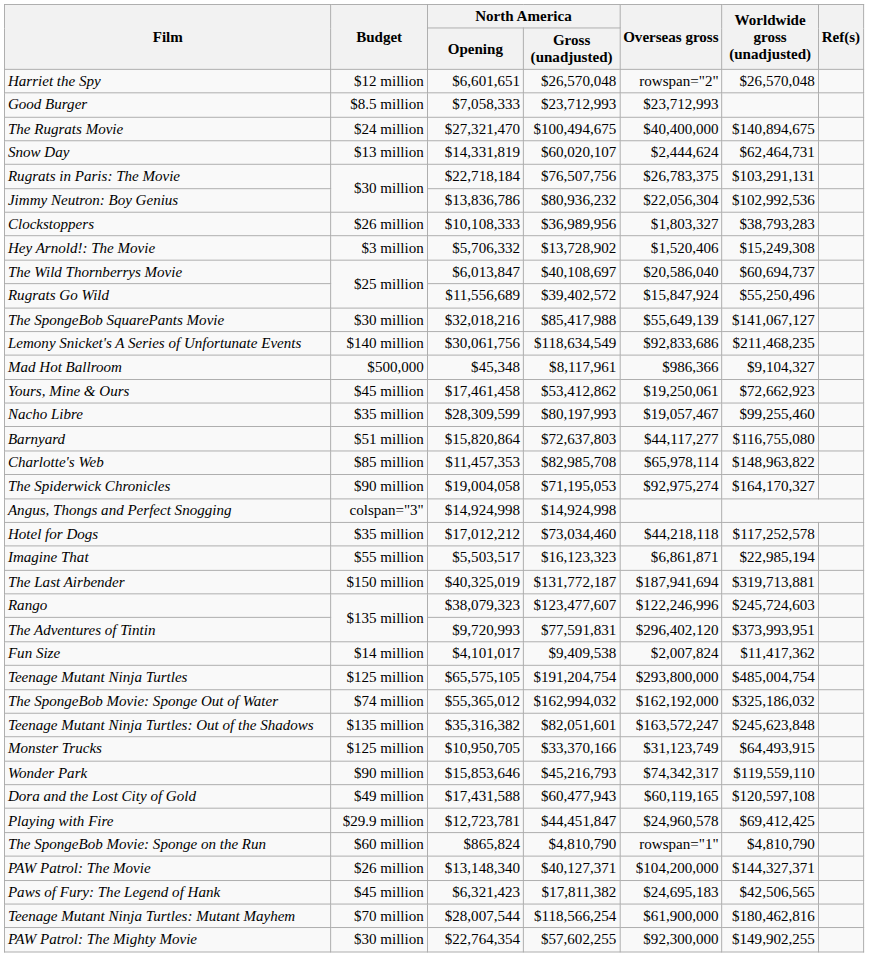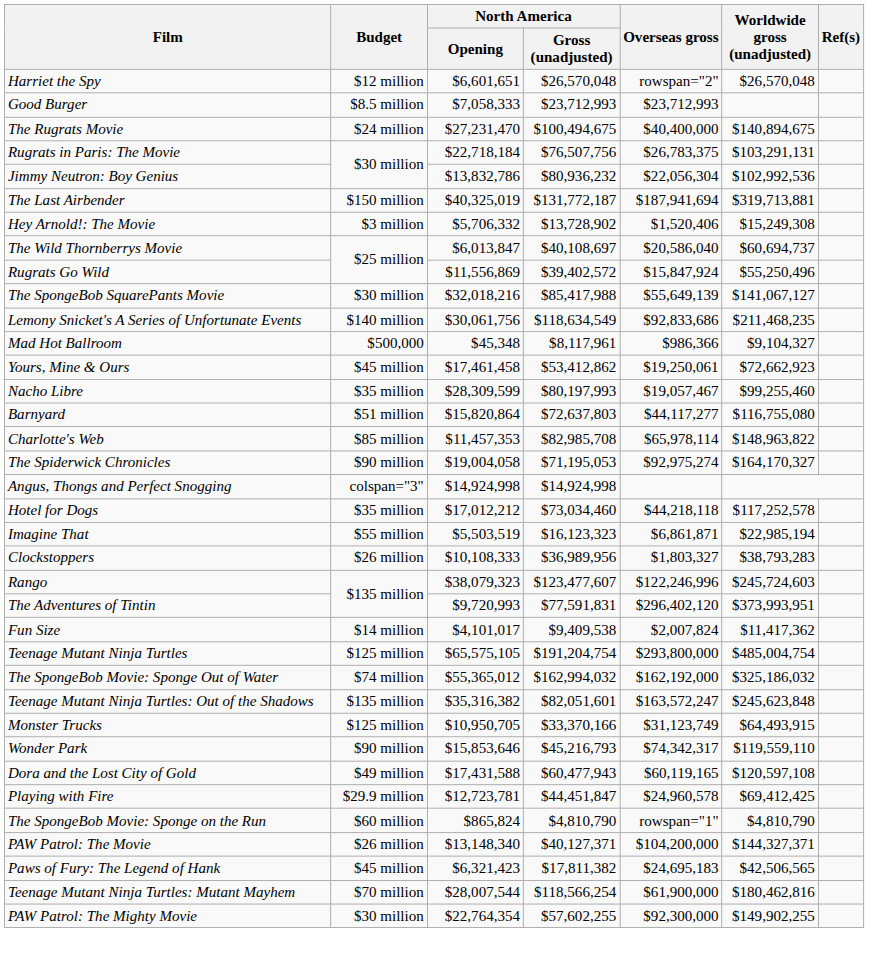 <table class="sortable wikitable" style="text-align: right;">
 <tr>
 <th rowspan="2" width="340">Film</th>
 <th rowspan="2" width="95">Budget</th>
 <th colspan="2">North America</th>
 <th rowspan="2">Overseas gross</th>
 <th rowspan="2" width="95">Worldwide gross<br>(unadjusted)</th>
 <th rowspan="2">Ref(s)</th>
 </tr>
 <tr>
 <th width="95">Opening</th>
 <th width="95">Gross<br>(unadjusted)</th>
 </tr>
 <tr>
 <td style="text-align:left;"><em>Harriet the Spy</em></td>
 <td>$12 million</td>
 <td>$6,601,651</td>
 <td>$26,570,048</td>
 <td>rowspan="2" </td>
 <td>$26,570,048</td>
 <td></td>
 </tr>
 <tr>
 <td style="text-align:left;"><em>Good Burger</em></td>
 <td>$8.5 million</td>
 <td>$7,058,333</td>
 <td>$23,712,993</td>
 <td>$23,712,993</td>
 <td></td>
 </tr>
 <tr>
 <td style="text-align:left;"><em>The Rugrats Movie</em></td>
 <td>$24 million</td>
-<td>$27,321,470</td>
+<td>$27,231,470</td>
 <td>$100,494,675</td>
 <td>$40,400,000</td>
 <td>$140,894,675</td>
-<td></td>
-</tr>
-<tr>
-<td style="text-align:left;"><em>Snow Day</em></td>
-<td>$13 million</td>
-<td>$14,331,819</td>
-<td>$60,020,107</td>
-<td>$2,444,624</td>
-<td>$62,464,731</td>
 <td></td>
 </tr>
 <tr>
 <td style="text-align:left;"><em>Rugrats in Paris: The Movie</em></td>
 <td rowspan="2">$30 million</td>
 <td>$22,718,184</td>
 <td>$76,507,756</td>
 <td>$26,783,375</td>
 <td>$103,291,131</td>
 <td></td>
 </tr>
 <tr>
 <td style="text-align:left;"><em>Jimmy Neutron: Boy Genius</em></td>
-<td>$13,836,786</td>
+<td>$13,832,786</td>
 <td>$80,936,232</td>
 <td>$22,056,304</td>
 <td>$102,992,536</td>
 <td></td>
 </tr>
 <tr>
-<td style="text-align:left;"><em>Clockstoppers</em></td>
-<td>$26 million</td>
-<td>$10,108,333</td>
-<td>$36,989,956</td>
-<td>$1,803,327</td>
-<td>$38,793,283</td>
+<td style="text-align:left;"><em>The Last Airbender</em></td>
+<td>$150 million</td>
+<td>$40,325,019</td>
+<td>$131,772,187</td>
+<td>$187,941,694</td>
+<td>$319,713,881</td>
 <td></td>
 </tr>
 <tr>
 <td style="text-align:left;"><em>Hey Arnold!: The Movie</em></td>
 <td>$3 million</td>
 <td>$5,706,332</td>
 <td>$13,728,902</td>
 <td>$1,520,406</td>
 <td>$15,249,308</td>
 <td></td>
 </tr>
 <tr>
 <td style="text-align:left;"><em>The Wild Thornberrys Movie</em></td>
 <td rowspan="2">$25 million</td>
 <td>$6,013,847</td>
 <td>$40,108,697</td>
 <td>$20,586,040</td>
 <td>$60,694,737</td>
 <td></td>
 </tr>
 <tr>
 <td style="text-align:left;"><em>Rugrats Go Wild</em></td>
-<td>$11,556,689</td>
+<td>$11,556,869</td>
 <td>$39,402,572</td>
 <td>$15,847,924</td>
 <td>$55,250,496</td>
 <td></td>
 </tr>
 <tr>
 <td style="text-align:left;"><em>The SpongeBob SquarePants Movie</em></td>
 <td>$30 million</td>
 <td>$32,018,216</td>
 <td>$85,417,988</td>
 <td>$55,649,139</td>
 <td>$141,067,127</td>
 <td></td>
 </tr>
 <tr>
 <td style="text-align:left;"><em>Lemony Snicket's A Series of Unfortunate Events</em></td>
 <td>$140 million</td>
 <td>$30,061,756</td>
 <td>$118,634,549</td>
 <td>$92,833,686</td>
 <td>$211,468,235</td>
 <td></td>
 </tr>
 <tr>
 <td style="text-align:left;"><em>Mad Hot Ballroom</em></td>
 <td>$500,000</td>
 <td>$45,348</td>
 <td>$8,117,961</td>
 <td>$986,366</td>
 <td>$9,104,327</td>
 <td></td>
 </tr>
 <tr>
 <td style="text-align:left;"><em>Yours, Mine & Ours</em></td>
 <td>$45 million</td>
 <td>$17,461,458</td>
 <td>$53,412,862</td>
 <td>$19,250,061</td>
 <td>$72,662,923</td>
 <td></td>
 </tr>
 <tr>
 <td style="text-align:left;"><em>Nacho Libre</em></td>
 <td>$35 million</td>
 <td>$28,309,599</td>
 <td>$80,197,993</td>
 <td>$19,057,467</td>
 <td>$99,255,460</td>
 <td></td>
 </tr>
 <tr>
 <td style="text-align:left;"><em>Barnyard</em></td>
 <td>$51 million</td>
 <td>$15,820,864</td>
 <td>$72,637,803</td>
 <td>$44,117,277</td>
 <td>$116,755,080</td>
 <td></td>
 </tr>
 <tr>
 <td style="text-align:left;"><em>Charlotte's Web</em></td>
 <td>$85 million</td>
 <td>$11,457,353</td>
 <td>$82,985,708</td>
 <td>$65,978,114</td>
 <td>$148,963,822</td>
 <td></td>
 </tr>
 <tr>
 <td style="text-align:left;"><em>The Spiderwick Chronicles</em></td>
 <td>$90 million</td>
 <td>$19,004,058</td>
 <td>$71,195,053</td>
 <td>$92,975,274</td>
 <td>$164,170,327</td>
 <td></td>
 </tr>
 <tr>
 <td style="text-align:left;"><em>Angus, Thongs and Perfect Snogging</em></td>
 <td>colspan="3" </td>
 <td>$14,924,998</td>
 <td>$14,924,998</td>
 <td></td>
 </tr>
 <tr>
 <td style="text-align:left;"><em>Hotel for Dogs</em></td>
 <td>$35 million</td>
 <td>$17,012,212</td>
 <td>$73,034,460</td>
 <td>$44,218,118</td>
 <td>$117,252,578</td>
 <td></td>
 </tr>
 <tr>
 <td style="text-align:left;"><em>Imagine That</em></td>
 <td>$55 million</td>
-<td>$5,503,517</td>
+<td>$5,503,519</td>
 <td>$16,123,323</td>
 <td>$6,861,871</td>
 <td>$22,985,194</td>
 <td></td>
 </tr>
 <tr>
-<td style="text-align:left;"><em>The Last Airbender</em></td>
-<td>$150 million</td>
-<td>$40,325,019</td>
-<td>$131,772,187</td>
-<td>$187,941,694</td>
-<td>$319,713,881</td>
+<td style="text-align:left;"><em>Clockstoppers</em></td>
+<td>$26 million</td>
+<td>$10,108,333</td>
+<td>$36,989,956</td>
+<td>$1,803,327</td>
+<td>$38,793,283</td>
 <td></td>
 </tr>
 <tr>
 <td style="text-align:left;"><em>Rango</em></td>
 <td rowspan="2">$135 million</td>
 <td>$38,079,323</td>
 <td>$123,477,607</td>
 <td>$122,246,996</td>
 <td>$245,724,603</td>
 <td></td>
 </tr>
 <tr>
 <td style="text-align:left;"><em>The Adventures of Tintin</em></td>
 <td>$9,720,993</td>
 <td>$77,591,831</td>
 <td>$296,402,120</td>
 <td>$373,993,951</td>
 <td></td>
 </tr>
 <tr>
 <td style="text-align:left;"><em>Fun Size</em></td>
 <td>$14 million</td>
 <td>$4,101,017</td>
 <td>$9,409,538</td>
 <td>$2,007,824</td>
 <td>$11,417,362</td>
 <td></td>
 </tr>
 <tr>
 <td style="text-align:left;"><em>Teenage Mutant Ninja Turtles</em></td>
 <td>$125 million</td>
 <td>$65,575,105</td>
 <td>$191,204,754</td>
 <td>$293,800,000</td>
 <td>$485,004,754</td>
 <td></td>
 </tr>
 <tr>
 <td style="text-align:left;"><em>The SpongeBob Movie: Sponge Out of Water</em></td>
 <td>$74 million</td>
 <td>$55,365,012</td>
 <td>$162,994,032</td>
 <td>$162,192,000</td>
 <td>$325,186,032</td>
 <td></td>
 </tr>
 <tr>
 <td style="text-align:left;"><em>Teenage Mutant Ninja Turtles: Out of the Shadows</em></td>
 <td>$135 million</td>
 <td>$35,316,382</td>
 <td>$82,051,601</td>
 <td>$163,572,247</td>
 <td>$245,623,848</td>
 <td></td>
 </tr>
 <tr>
 <td style="text-align:left;"><em>Monster Trucks</em></td>
 <td>$125 million</td>
 <td>$10,950,705</td>
 <td>$33,370,166</td>
 <td>$31,123,749</td>
 <td>$64,493,915</td>
 <td></td>
 </tr>
 <tr>
 <td style="text-align:left;"><em>Wonder Park</em></td>
 <td>$90 million</td>
 <td>$15,853,646</td>
 <td>$45,216,793</td>
 <td>$74,342,317</td>
 <td>$119,559,110</td>
 <td></td>
 </tr>
 <tr>
 <td style="text-align:left;"><em>Dora and the Lost City of Gold</em></td>
 <td>$49 million</td>
 <td>$17,431,588</td>
 <td>$60,477,943</td>
 <td>$60,119,165</td>
 <td>$120,597,108</td>
 <td></td>
 </tr>
 <tr>
 <td style="text-align:left;"><em>Playing with Fire</em></td>
 <td>$29.9 million</td>
 <td>$12,723,781</td>
 <td>$44,451,847</td>
 <td>$24,960,578</td>
 <td>$69,412,425</td>
 <td></td>
 </tr>
 <tr>
 <td style="text-align:left;"><em>The SpongeBob Movie: Sponge on the Run</em></td>
 <td>$60 million</td>
 <td>$865,824</td>
 <td>$4,810,790</td>
 <td>rowspan="1" </td>
 <td>$4,810,790</td>
 <td></td>
 </tr>
 <tr>
 <td style="text-align:left;"><em>PAW Patrol: The Movie</em></td>
 <td>$26 million</td>
 <td>$13,148,340</td>
 <td>$40,127,371</td>
 <td>$104,200,000</td>
 <td>$144,327,371</td>
 <td></td>
 </tr>
 <tr>
 <td style="text-align:left;"><em>Paws of Fury: The Legend of Hank</em></td>
 <td>$45 million</td>
 <td>$6,321,423</td>
 <td>$17,811,382</td>
 <td>$24,695,183</td>
 <td>$42,506,565</td>
 <td></td>
 </tr>
 <tr>
 <td style="text-align:left;"><em>Teenage Mutant Ninja Turtles: Mutant Mayhem</em></td>
 <td>$70 million</td>
 <td>$28,007,544</td>
 <td>$118,566,254</td>
 <td>$61,900,000</td>
 <td>$180,462,816</td>
 <td></td>
 </tr>
 <tr>
 <td style="text-align:left;"><em>PAW Patrol: The Mighty Movie</em></td>
 <td>$30 million</td>
 <td>$22,764,354</td>
 <td>$57,602,255</td>
 <td>$92,300,000</td>
 <td>$149,902,255</td>
 <td></td>
 </tr>
 </table>
